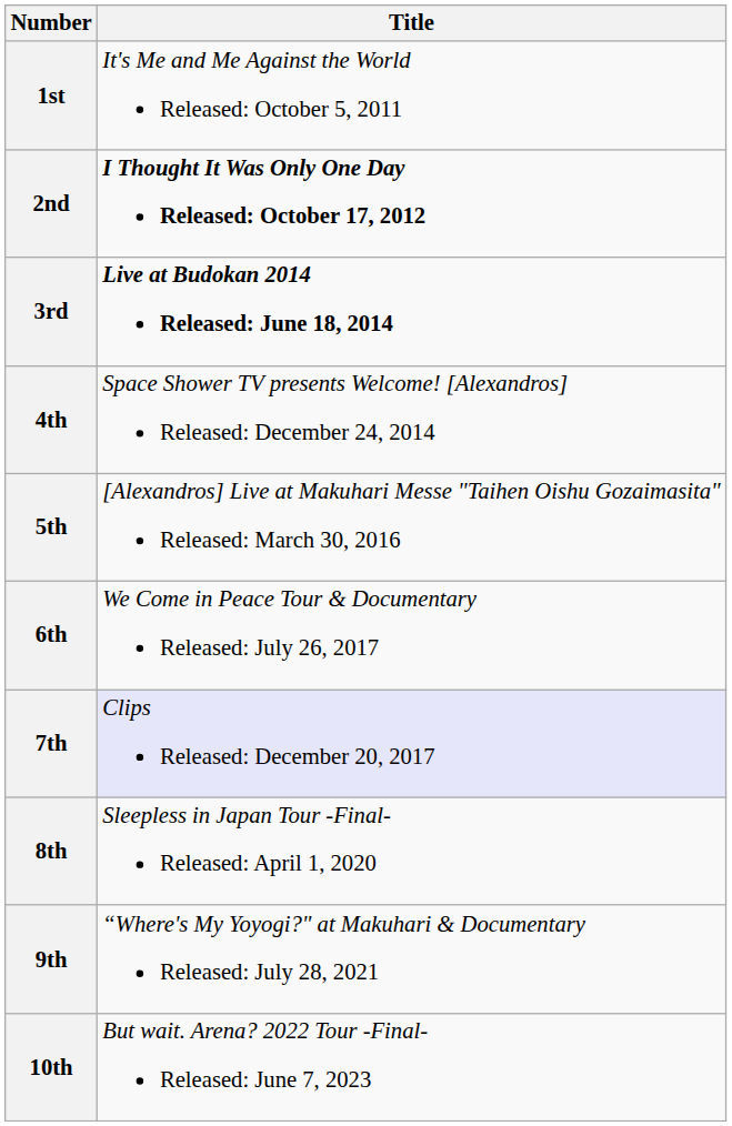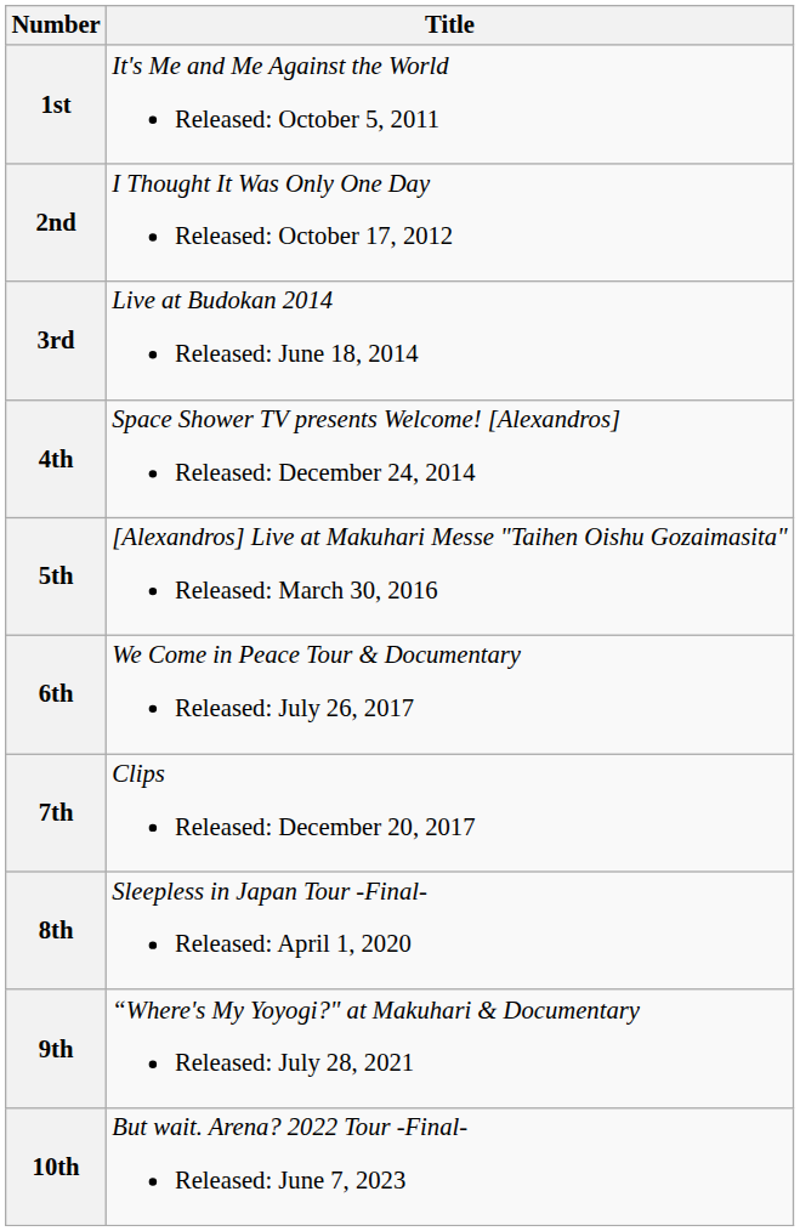 <table class="wikitable">
 <tr>
 <th>Number</th>
 <th>Title</th>
 </tr>
 <tr>
 <th>1st</th>
 <td><em>It's Me and Me Against the World</em><br><ul><li>Released: October 5, 2011</li></ul></td>
 </tr>
 <tr>
 <th>2nd</th>
-<td><strong><em>I Thought It Was Only One Day</em><br><ul><li>Released: October 17, 2012</li></ul></strong></td>
+<td><em>I Thought It Was Only One Day</em><br><ul><li>Released: October 17, 2012</li></ul></td>
 </tr>
 <tr>
 <th>3rd</th>
-<td><strong><em>Live at Budokan 2014</em><br><ul><li>Released: June 18, 2014</li></ul></strong></td>
+<td><em>Live at Budokan 2014</em><br><ul><li>Released: June 18, 2014</li></ul></td>
 </tr>
 <tr>
 <th>4th</th>
 <td><em>Space Shower TV presents Welcome! [Alexandros]</em><br><ul><li>Released: December 24, 2014</li></ul></td>
 </tr>
 <tr>
 <th>5th</th>
 <td><em>[Alexandros] Live at Makuhari Messe "Taihen Oishu Gozaimasita"</em><br><ul><li>Released: March 30, 2016</li></ul></td>
 </tr>
 <tr>
 <th>6th</th>
 <td><em>We Come in Peace Tour & Documentary</em><br><ul><li>Released: July 26, 2017</li></ul></td>
 </tr>
 <tr>
 <th>7th</th>
-<td style="background: lavender;"><em>Clips</em><br><ul><li>Released: December 20, 2017</li></ul></td>
+<td><em>Clips</em><br><ul><li>Released: December 20, 2017</li></ul></td>
 </tr>
 <tr>
 <th>8th</th>
 <td><em>Sleepless in Japan Tour -Final-</em><br><ul><li>Released: April 1, 2020</li></ul></td>
 </tr>
 <tr>
 <th>9th</th>
 <td><em>“Where's My Yoyogi?" at Makuhari & Documentary</em><br><ul><li>Released: July 28, 2021</li></ul></td>
 </tr>
 <tr>
 <th>10th</th>
 <td><em>But wait. Arena? 2022 Tour -Final-</em><br><ul><li>Released: June 7, 2023</li></ul></td>
 </tr>
 </table>
